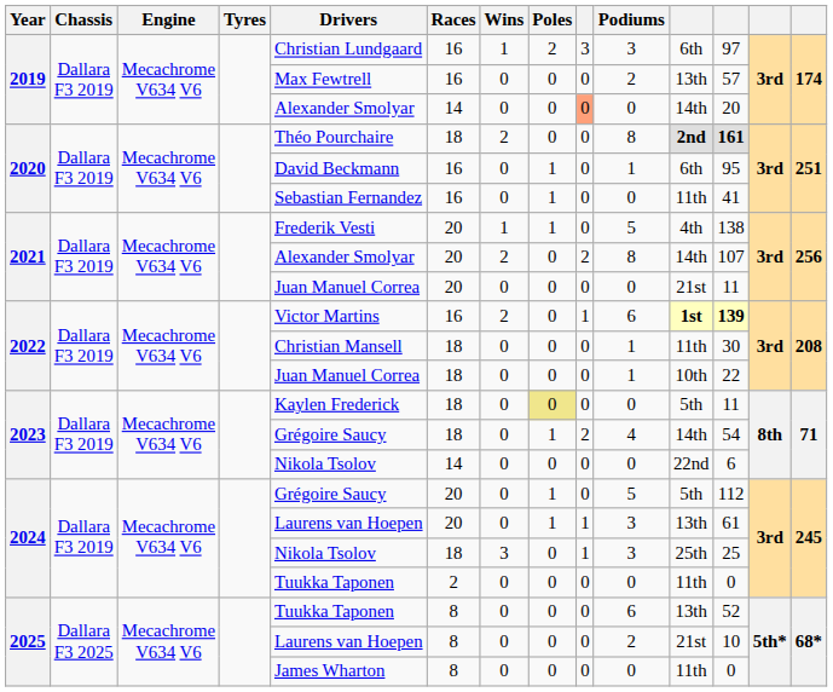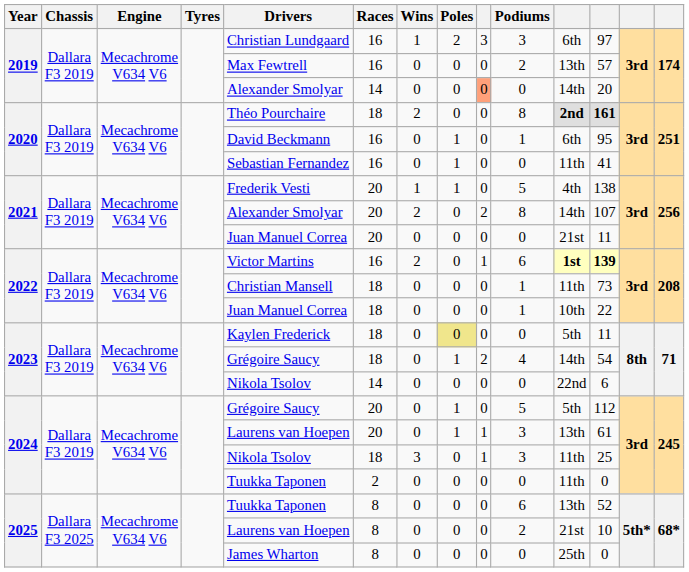 <table class="wikitable" style="text-align:center; font-size:85%">
 <tr>
 <th>Year</th>
 <th>Chassis</th>
 <th>Engine</th>
 <th>Tyres</th>
 <th>Drivers</th>
 <th>Races</th>
 <th>Wins</th>
 <th>Poles</th>
 <th></th>
 <th>Podiums</th>
 <th></th>
 <th></th>
 <th></th>
 <th></th>
 </tr>
 <tr>
 <th rowspan=3><a href='#'>2019</a></th>
 <td rowspan=3><a href='#'>Dallara</a><br><a href='#'>F3 2019</a></td>
 <td rowspan=3><a href='#'>Mecachrome</a><br><a href='#'>V634</a> <a href='#'>V6</a></td>
 <td rowspan=3></td>
 <td align="left"> <a href='#'>Christian Lundgaard</a></td>
 <td>16</td>
 <td>1</td>
 <td>2</td>
 <td>3</td>
 <td>3</td>
 <td>6th</td>
 <td>97</td>
 <th rowspan="3" style="background:#FFDF9F;">3rd</th>
 <th rowspan="3" style="background:#FFDF9F;">174</th>
 </tr>
 <tr>
 <td align="left"> <a href='#'>Max Fewtrell</a></td>
 <td>16</td>
 <td>0</td>
 <td>0</td>
 <td>0</td>
 <td>2</td>
 <td>13th</td>
 <td>57</td>
 </tr>
 <tr>
 <td align="left"> <a href='#'>Alexander Smolyar</a></td>
 <td>14</td>
 <td>0</td>
 <td>0</td>
 <td style="background: lightsalmon;">0</td>
 <td>0</td>
 <td>14th</td>
 <td>20</td>
 </tr>
 <tr>
 <th rowspan=3><a href='#'>2020</a></th>
 <td rowspan=3><a href='#'>Dallara</a><br><a href='#'>F3 2019</a></td>
 <td rowspan=3><a href='#'>Mecachrome</a><br><a href='#'>V634</a> <a href='#'>V6</a></td>
 <td rowspan=3></td>
 <td align="left"> <a href='#'>Théo Pourchaire</a></td>
 <td>18</td>
 <td>2</td>
 <td>0</td>
 <td>0</td>
 <td>8</td>
 <td style="background:#DFDFDF;"><strong>2nd</strong></td>
 <td style="background:#DFDFDF;"><strong>161</strong></td>
 <th rowspan="3" style="background:#FFDF9F;">3rd</th>
 <th rowspan="3" style="background:#FFDF9F;">251</th>
 </tr>
 <tr>
 <td align="left"> <a href='#'>David Beckmann</a></td>
 <td>16</td>
 <td>0</td>
 <td>1</td>
 <td>0</td>
 <td>1</td>
 <td>6th</td>
 <td>95</td>
 </tr>
 <tr>
 <td align="left"> <a href='#'>Sebastian Fernandez</a></td>
 <td>16</td>
 <td>0</td>
 <td>1</td>
 <td>0</td>
 <td>0</td>
 <td>11th</td>
 <td>41</td>
 </tr>
 <tr>
 <th rowspan="3"><a href='#'>2021</a></th>
 <td rowspan=3><a href='#'>Dallara</a><br><a href='#'>F3 2019</a></td>
 <td rowspan=3><a href='#'>Mecachrome</a><br><a href='#'>V634</a> <a href='#'>V6</a></td>
 <td rowspan=3></td>
 <td align=left> <a href='#'>Frederik Vesti</a></td>
 <td>20</td>
 <td>1</td>
 <td>1</td>
 <td>0</td>
 <td>5</td>
 <td>4th</td>
 <td>138</td>
 <th rowspan="3" style="background:#FFDF9F;">3rd</th>
 <th rowspan="3" style="background:#FFDF9F;">256</th>
 </tr>
 <tr>
 <td align=left> <a href='#'>Alexander Smolyar</a></td>
 <td>20</td>
 <td>2</td>
 <td>0</td>
 <td>2</td>
 <td>8</td>
 <td>14th</td>
 <td>107</td>
 </tr>
 <tr>
 <td align=left> <a href='#'>Juan Manuel Correa</a></td>
 <td>20</td>
 <td>0</td>
 <td>0</td>
 <td>0</td>
 <td>0</td>
 <td>21st</td>
 <td>11</td>
 </tr>
 <tr>
 <th rowspan=3><a href='#'>2022</a></th>
 <td rowspan=3><a href='#'>Dallara</a><br><a href='#'>F3 2019</a></td>
 <td rowspan=3><a href='#'>Mecachrome</a><br><a href='#'>V634</a> <a href='#'>V6</a></td>
 <td rowspan=3></td>
 <td align=left> <a href='#'>Victor Martins</a></td>
 <td>16</td>
 <td>2</td>
 <td>0</td>
 <td>1</td>
 <td>6</td>
 <td style="background:#FFFFBF;"><strong>1st</strong></td>
 <td style="background:#FFFFBF;"><strong>139</strong></td>
 <th rowspan="3" style="background:#FFDF9F;">3rd</th>
 <th rowspan="3" style="background:#FFDF9F;">208</th>
 </tr>
 <tr>
 <td align=left> <a href='#'>Christian Mansell</a></td>
 <td>18</td>
 <td>0</td>
 <td>0</td>
 <td>0</td>
 <td>1</td>
 <td>11th</td>
-<td>30</td>
+<td>73</td>
 </tr>
 <tr>
 <td align=left> <a href='#'>Juan Manuel Correa</a></td>
 <td>18</td>
 <td>0</td>
 <td>0</td>
 <td>0</td>
 <td>1</td>
 <td>10th</td>
 <td>22</td>
 </tr>
 <tr>
 <th rowspan=3><a href='#'>2023</a></th>
 <td rowspan=3><a href='#'>Dallara</a><br><a href='#'>F3 2019</a></td>
 <td rowspan=3><a href='#'>Mecachrome</a><br><a href='#'>V634</a> <a href='#'>V6</a></td>
 <td rowspan=3></td>
 <td align=left> <a href='#'>Kaylen Frederick</a></td>
 <td>18</td>
 <td>0</td>
 <td style="background: khaki;">0</td>
 <td>0</td>
 <td>0</td>
 <td style="background:#;">5th</td>
 <td style="background:#;">11</td>
 <th rowspan=3 style="background:#;">8th</th>
 <th rowspan=3 style="background:#;">71</th>
 </tr>
 <tr>
 <td align=left> <a href='#'>Grégoire Saucy</a></td>
 <td>18</td>
 <td>0</td>
 <td>1</td>
 <td>2</td>
 <td>4</td>
 <td style="background:#;">14th</td>
 <td style="background:#;">54</td>
 </tr>
 <tr>
 <td align=left> <a href='#'>Nikola Tsolov</a></td>
 <td>14</td>
 <td>0</td>
 <td>0</td>
 <td>0</td>
 <td>0</td>
 <td style="background:#;">22nd</td>
 <td style="background:#;">6</td>
 </tr>
 <tr>
 <th rowspan=4><a href='#'>2024</a></th>
 <td rowspan=4><a href='#'>Dallara</a><br><a href='#'>F3 2019</a></td>
 <td rowspan=4><a href='#'>Mecachrome</a><br><a href='#'>V634</a> <a href='#'>V6</a></td>
 <td rowspan=4></td>
 <td align=left> <a href='#'>Grégoire Saucy</a></td>
 <td>20</td>
 <td>0</td>
 <td>1</td>
 <td>0</td>
 <td>5</td>
 <td style="background:#;">5th</td>
 <td style="background:#;">112</td>
 <th rowspan=4 style="background:#FFDF9F;">3rd</th>
 <th rowspan=4 style="background:#FFDF9F;">245</th>
 </tr>
 <tr>
 <td align=left> <a href='#'>Laurens van Hoepen</a></td>
 <td>20</td>
 <td>0</td>
 <td>1</td>
 <td>1</td>
 <td>3</td>
 <td style="background:#;">13th</td>
 <td style="background:#;">61</td>
 </tr>
 <tr>
 <td align=left> <a href='#'>Nikola Tsolov</a></td>
 <td>18</td>
 <td>3</td>
 <td>0</td>
 <td>1</td>
 <td>3</td>
-<td style="background:#;">25th</td>
+<td style="background:#;">11th</td>
 <td style="background:#;">25</td>
 </tr>
 <tr>
 <td align=left> <a href='#'>Tuukka Taponen</a></td>
 <td>2</td>
 <td>0</td>
 <td>0</td>
 <td>0</td>
 <td>0</td>
 <td style="background:#;">11th</td>
 <td style="background:#;">0</td>
 </tr>
 <tr>
 <th rowspan=3><a href='#'>2025</a></th>
 <td rowspan=3><a href='#'>Dallara</a><br><a href='#'>F3 2025</a></td>
 <td rowspan=3><a href='#'>Mecachrome</a><br><a href='#'>V634</a> <a href='#'>V6</a></td>
 <td rowspan=3></td>
 <td align=left> <a href='#'>Tuukka Taponen</a></td>
 <td>8</td>
 <td>0</td>
 <td>0</td>
 <td>0</td>
 <td>6</td>
 <td style="background:#;">13th</td>
 <td style="background:#;">52</td>
 <th rowspan=3 style="background:#;">5th*</th>
 <th rowspan=3 style="background:#;">68*</th>
 </tr>
 <tr>
 <td align=left> <a href='#'>Laurens van Hoepen</a></td>
 <td>8</td>
 <td>0</td>
 <td>0</td>
 <td>0</td>
 <td>2</td>
 <td style="background:#;">21st</td>
 <td style="background:#;">10</td>
 </tr>
 <tr>
 <td align=left> <a href='#'>James Wharton</a></td>
 <td>8</td>
 <td>0</td>
 <td>0</td>
 <td>0</td>
 <td>0</td>
-<td style="background:#;">11th</td>
+<td style="background:#;">25th</td>
 <td style="background:#;">0</td>
 </tr>
 </table>
